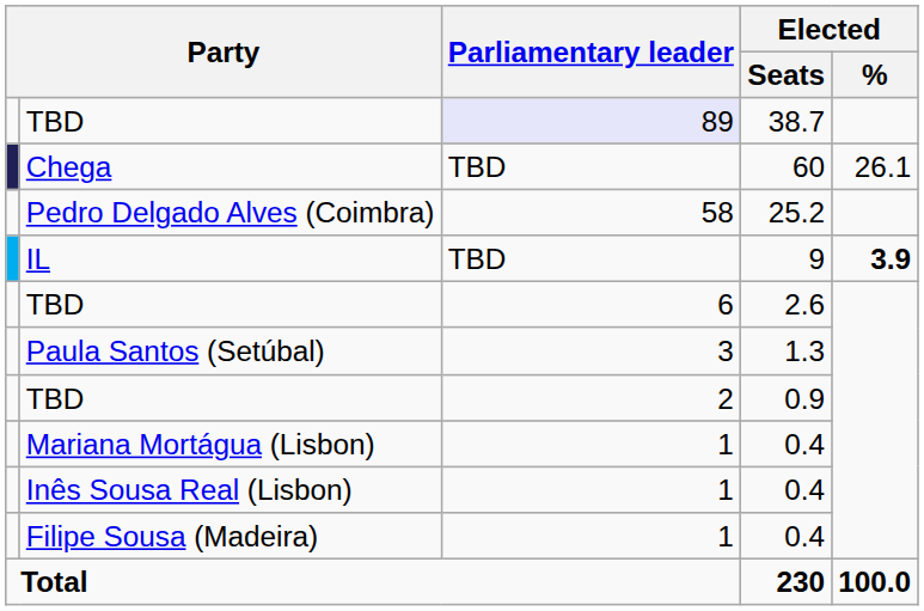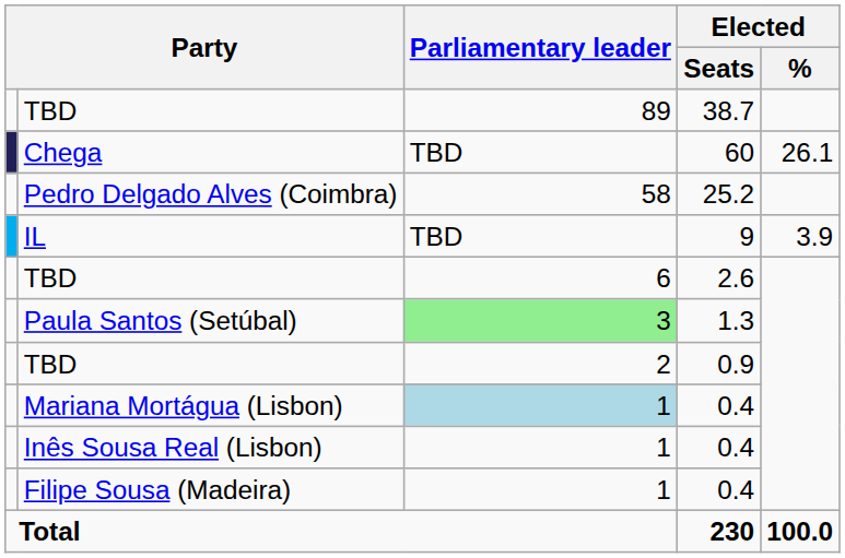 <table class="wikitable" style="text-align:right; font-size:95%;">
 <tr>
 <th colspan="2" rowspan="2">Party</th>
 <th rowspan="2"><a href='#'>Parliamentary leader</a></th>
 <th colspan="2">Elected</th>
 </tr>
 <tr>
 <th>Seats</th>
 <th>%</th>
 </tr>
 <tr>
 <td></td>
 <td align="left">TBD</td>
-<td align="right" style="background: lavender;">89</td>
+<td align="right">89</td>
 <td align="right">38.7</td>
 </tr>
 <tr>
 <td style="background:#202056; text-align:center;"></td>
 <td style="text-align:left;"><a href='#'>Chega</a></td>
 <td align="left">TBD</td>
 <td align="right">60</td>
 <td align="right">26.1</td>
 </tr>
 <tr>
 <td></td>
 <td align="left"><a href='#'>Pedro Delgado Alves</a> (Coimbra)</td>
 <td align="right">58</td>
 <td align="right">25.2</td>
 </tr>
 <tr>
 <td style="background:#00ADEF; text-align:center;"></td>
 <td style="text-align:left;"><a href='#'>IL</a></td>
 <td align="left">TBD</td>
 <td align="right">9</td>
-<td align="right"><strong>3.9</strong></td>
+<td align="right">3.9</td>
 </tr>
 <tr>
 <td></td>
 <td align="left">TBD</td>
 <td align="right">6</td>
 <td align="right">2.6</td>
 </tr>
 <tr>
 <td></td>
 <td align="left"><a href='#'>Paula Santos</a> (Setúbal)</td>
-<td align="right">3</td>
+<td align="right" style="background: lightgreen;">3</td>
 <td align="right">1.3</td>
 </tr>
 <tr>
 <td></td>
 <td align="left">TBD</td>
 <td align="right">2</td>
 <td align="right">0.9</td>
 </tr>
 <tr>
 <td></td>
 <td align="left"><a href='#'>Mariana Mortágua</a> (Lisbon)</td>
-<td align="right">1</td>
+<td align="right" style="background: lightblue;">1</td>
 <td align="right">0.4</td>
 </tr>
 <tr>
 <td></td>
 <td align="left"><a href='#'>Inês Sousa Real</a> (Lisbon)</td>
 <td align="right">1</td>
 <td align="right">0.4</td>
 </tr>
 <tr>
 <td></td>
 <td align="left"><a href='#'>Filipe Sousa</a> (Madeira)</td>
 <td align="right">1</td>
 <td align="right">0.4</td>
 </tr>
 <tr>
 <td colspan="3" align="left"> <strong>Total</strong></td>
 <td align="right"><strong>230</strong></td>
 <td align="right"><strong>100.0</strong></td>
 </tr>
 </table>
